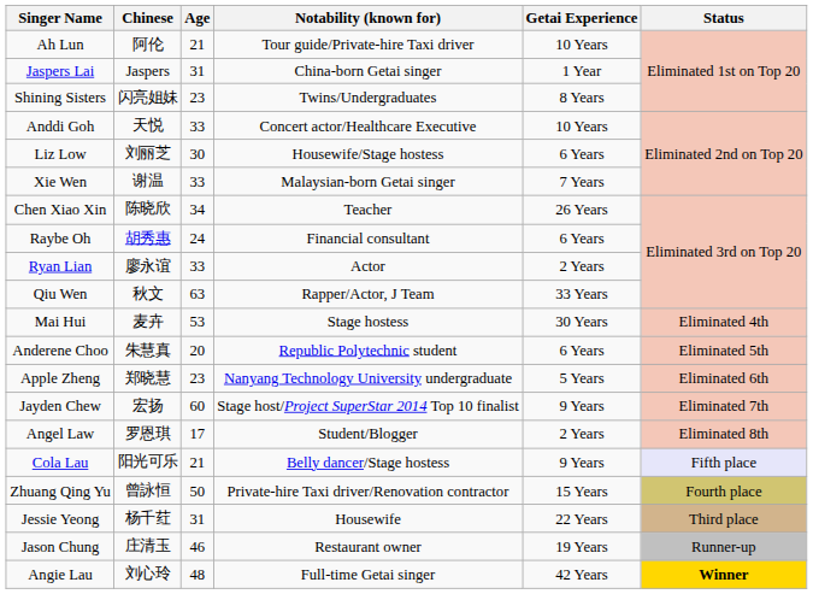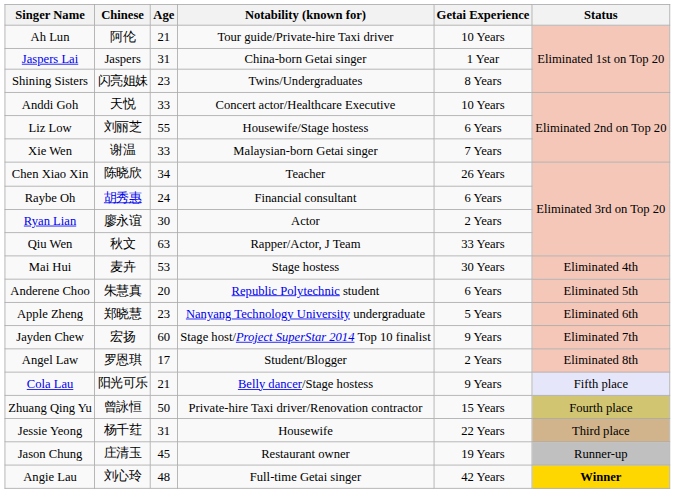 <table class= "wikitable sortable" style="text-align: center; margin:auto; align: center; font-size:95%;">
 <tr>
 <th>Singer Name</th>
 <th>Chinese</th>
 <th>Age</th>
 <th>Notability (known for)</th>
 <th>Getai Experience</th>
 <th>Status</th>
 </tr>
 <tr>
 <td>Ah Lun</td>
 <td>阿伦</td>
 <td>21</td>
 <td>Tour guide/Private-hire Taxi driver</td>
 <td>10 Years</td>
 <td style="background:#f4c7b8" rowspan="3">Eliminated 1st on Top 20<br></td>
 </tr>
 <tr>
 <td><a href='#'>Jaspers Lai</a></td>
 <td>Jaspers </td>
 <td>31</td>
 <td>China-born Getai singer</td>
 <td>1 Year</td>
 </tr>
 <tr>
 <td>Shining Sisters</td>
 <td>闪亮姐妹</td>
 <td>23</td>
 <td>Twins/Undergraduates</td>
 <td>8 Years</td>
 </tr>
 <tr>
 <td>Anddi Goh</td>
 <td>天悦</td>
 <td>33</td>
 <td>Concert actor/Healthcare Executive</td>
 <td>10 Years</td>
 <td style="background:#f4c7b8" rowspan="3">Eliminated 2nd on Top 20<br></td>
 </tr>
 <tr>
 <td>Liz Low</td>
 <td>刘丽芝</td>
-<td>30</td>
+<td>55</td>
 <td>Housewife/Stage hostess</td>
 <td>6 Years</td>
 </tr>
 <tr>
 <td>Xie Wen</td>
 <td>谢温</td>
 <td>33</td>
 <td>Malaysian-born Getai singer</td>
 <td>7 Years</td>
 </tr>
 <tr>
 <td>Chen Xiao Xin</td>
 <td>陈晓欣</td>
 <td>34</td>
 <td>Teacher</td>
 <td>26 Years</td>
 <td style="background:#f4c7b8" rowspan="4">Eliminated 3rd on Top 20<br></td>
 </tr>
 <tr>
 <td>Raybe Oh</td>
 <td><a href='#'>胡秀惠</a></td>
 <td>24</td>
 <td>Financial consultant</td>
 <td>6 Years</td>
 </tr>
 <tr>
 <td><a href='#'>Ryan Lian</a></td>
 <td>廖永谊</td>
-<td>33</td>
+<td>30</td>
 <td>Actor</td>
 <td>2 Years</td>
 </tr>
 <tr>
 <td>Qiu Wen</td>
 <td>秋文</td>
 <td>63</td>
 <td>Rapper/Actor, J Team</td>
 <td>33 Years</td>
 </tr>
 <tr>
 <td>Mai Hui</td>
 <td>麦卉</td>
 <td>53</td>
 <td>Stage hostess</td>
 <td>30 Years</td>
 <td style="background:#f4c7b8">Eliminated 4th<br></td>
 </tr>
 <tr>
 <td>Anderene Choo</td>
 <td>朱慧真</td>
 <td>20</td>
 <td><a href='#'>Republic Polytechnic</a> student</td>
 <td>6 Years</td>
 <td style="background:#f4c7b8">Eliminated 5th<br></td>
 </tr>
 <tr>
 <td>Apple Zheng</td>
 <td>郑晓慧</td>
 <td>23</td>
 <td><a href='#'>Nanyang Technology University</a> undergraduate</td>
 <td>5 Years</td>
 <td style="background:#f4c7b8">Eliminated 6th<br></td>
 </tr>
 <tr>
 <td>Jayden Chew</td>
 <td>宏扬</td>
 <td>60</td>
 <td>Stage host/<em><a href='#'>Project SuperStar 2014</a></em> Top 10 finalist</td>
 <td>9 Years</td>
 <td style="background:#f4c7b8">Eliminated 7th<br></td>
 </tr>
 <tr>
 <td>Angel Law</td>
 <td>罗恩琪</td>
 <td>17</td>
 <td>Student/Blogger</td>
 <td>2 Years</td>
 <td style="background:#f4c7b8">Eliminated 8th<br></td>
 </tr>
 <tr>
 <td><a href='#'>Cola Lau</a></td>
 <td>阳光可乐</td>
 <td>21</td>
 <td><a href='#'>Belly dancer</a>/Stage hostess</td>
 <td>9 Years</td>
 <td style="background:lavender">Fifth place<br></td>
 </tr>
 <tr>
 <td>Zhuang Qing Yu</td>
 <td>曾詠恒</td>
 <td>50</td>
 <td>Private-hire Taxi driver/Renovation contractor</td>
 <td>15 Years</td>
 <td style="background:#D1C571">Fourth place<br></td>
 </tr>
 <tr>
 <td>Jessie Yeong</td>
 <td>杨千荭</td>
 <td>31</td>
 <td>Housewife</td>
 <td>22 Years</td>
 <td style="background:tan">Third place<br></td>
 </tr>
 <tr>
 <td>Jason Chung</td>
 <td>庄清玉</td>
-<td>46</td>
+<td>45</td>
 <td>Restaurant owner</td>
 <td>19 Years</td>
 <td style="background:silver">Runner-up<br></td>
 </tr>
 <tr>
 <td>Angie Lau</td>
 <td>刘心玲</td>
 <td>48</td>
 <td>Full-time Getai singer</td>
 <td>42 Years</td>
 <td style="background:gold"><strong>Winner</strong><br></td>
 </tr>
 </table>
